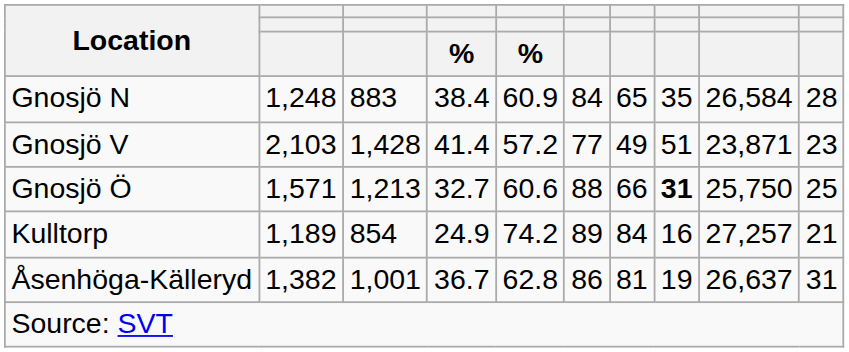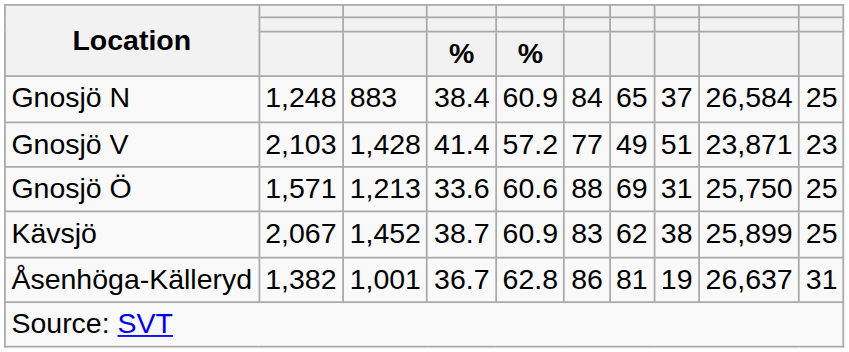 <table role="presentation" class="wikitable sortable mw-collapsible">
 <tr>
 <th rowspan="3">Location</th>
 <th></th>
 <th></th>
 <th></th>
 <th></th>
 <th></th>
 <th></th>
 <th></th>
 <th></th>
 <th></th>
 </tr>
 <tr>
 <th></th>
 <th></th>
 <th style="background:"></th>
 <th style="background:"></th>
 <th></th>
 <th></th>
 <th></th>
 <th></th>
 <th></th>
 </tr>
 <tr>
 <th data-sort-type="number"></th>
 <th data-sort-type="number"></th>
 <th data-sort-type="number">%</th>
 <th data-sort-type="number">%</th>
 <th data-sort-type="number"></th>
 <th data-sort-type="number"></th>
 <th data-sort-type="number"></th>
 <th data-sort-type="number"></th>
 <th data-sort-type="number"></th>
 </tr>
 <tr>
 <td align="left">Gnosjö N</td>
 <td>1,248</td>
 <td>883</td>
 <td>38.4</td>
 <td>60.9</td>
 <td>84</td>
 <td>65</td>
-<td>35</td>
+<td>37</td>
 <td>26,584</td>
-<td>28</td>
+<td>25</td>
 </tr>
 <tr>
 <td align="left">Gnosjö V</td>
 <td>2,103</td>
 <td>1,428</td>
 <td>41.4</td>
 <td>57.2</td>
 <td>77</td>
 <td>49</td>
 <td>51</td>
 <td>23,871</td>
 <td>23</td>
 </tr>
 <tr>
 <td align="left">Gnosjö Ö</td>
 <td>1,571</td>
 <td>1,213</td>
-<td>32.7</td>
+<td>33.6</td>
 <td>60.6</td>
 <td>88</td>
-<td>66</td>
-<td><strong>31</strong></td>
+<td>69</td>
+<td>31</td>
 <td>25,750</td>
 <td>25</td>
 </tr>
 <tr>
-<td align="left">Kulltorp</td>
-<td>1,189</td>
-<td>854</td>
-<td>24.9</td>
-<td>74.2</td>
-<td>89</td>
-<td>84</td>
-<td>16</td>
-<td>27,257</td>
-<td>21</td>
+<td align="left">Kävsjö</td>
+<td>2,067</td>
+<td>1,452</td>
+<td>38.7</td>
+<td>60.9</td>
+<td>83</td>
+<td>62</td>
+<td>38</td>
+<td>25,899</td>
+<td>25</td>
 </tr>
 <tr>
 <td align="left">Åsenhöga-Källeryd</td>
 <td>1,382</td>
 <td>1,001</td>
 <td>36.7</td>
 <td>62.8</td>
 <td>86</td>
 <td>81</td>
 <td>19</td>
 <td>26,637</td>
 <td>31</td>
 </tr>
 <tr>
 <td colspan="10" align="left">Source: <a href='#'>SVT</a></td>
 </tr>
 </table>
